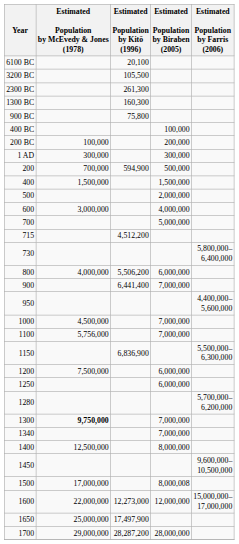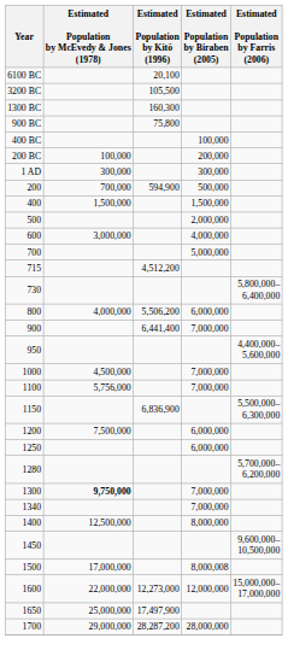 <table class="wikitable" style="text-align:right;font-size:small">
 <tr>
 <th>Year</th>
 <th>Estimated<br><br>Population<br> by McEvedy & Jones<br> (1978)</th>
 <th>Estimated<br><br>Population<br> by Kitō<br> (1996)</th>
 <th>Estimated<br><br>Population<br> by Biraben<br> (2005)</th>
 <th>Estimated<br><br>Population<br> by Farris<br> (2006)</th>
 </tr>
 <tr>
 <td>6100 BC</td>
 <td></td>
 <td>20,100</td>
 <td></td>
 <td></td>
 </tr>
 <tr>
 <td>3200 BC</td>
 <td></td>
 <td>105,500</td>
-<td></td>
-<td></td>
-</tr>
-<tr>
-<td>2300 BC</td>
-<td></td>
-<td>261,300</td>
 <td></td>
 <td></td>
 </tr>
 <tr>
 <td>1300 BC</td>
 <td></td>
 <td>160,300</td>
 <td></td>
 <td></td>
 </tr>
 <tr>
 <td>900 BC</td>
 <td></td>
 <td>75,800</td>
 <td></td>
 <td></td>
 </tr>
 <tr>
 <td>400 BC</td>
 <td></td>
 <td></td>
 <td>100,000</td>
 <td></td>
 </tr>
 <tr>
 <td>200 BC</td>
 <td>100,000</td>
 <td></td>
 <td>200,000</td>
 <td></td>
 </tr>
 <tr>
 <td>1 AD</td>
 <td>300,000</td>
 <td></td>
 <td>300,000</td>
 <td></td>
 </tr>
 <tr>
 <td>200</td>
 <td>700,000</td>
 <td>594,900</td>
 <td>500,000</td>
 <td></td>
 </tr>
 <tr>
 <td>400</td>
 <td>1,500,000</td>
 <td></td>
 <td>1,500,000</td>
 <td></td>
 </tr>
 <tr>
 <td>500</td>
 <td></td>
 <td></td>
 <td>2,000,000</td>
 <td></td>
 </tr>
 <tr>
 <td>600</td>
 <td>3,000,000</td>
 <td></td>
 <td>4,000,000</td>
 <td></td>
 </tr>
 <tr>
 <td>700</td>
 <td></td>
 <td></td>
 <td>5,000,000</td>
 <td></td>
 </tr>
 <tr>
 <td>715</td>
 <td></td>
 <td>4,512,200</td>
 <td></td>
 <td></td>
 </tr>
 <tr>
 <td>730</td>
 <td></td>
 <td></td>
 <td></td>
 <td>5,800,000–<br>6,400,000</td>
 </tr>
 <tr>
 <td>800</td>
 <td>4,000,000</td>
 <td>5,506,200</td>
 <td>6,000,000</td>
 <td></td>
 </tr>
 <tr>
 <td>900</td>
 <td></td>
 <td>6,441,400</td>
 <td>7,000,000</td>
 <td></td>
 </tr>
 <tr>
 <td>950</td>
 <td></td>
 <td></td>
 <td></td>
 <td>4,400,000–<br>5,600,000</td>
 </tr>
 <tr>
 <td>1000</td>
 <td>4,500,000</td>
 <td></td>
 <td>7,000,000</td>
 <td></td>
 </tr>
 <tr>
 <td>1100</td>
 <td>5,756,000</td>
 <td></td>
 <td>7,000,000</td>
 <td></td>
 </tr>
 <tr>
 <td>1150</td>
 <td></td>
 <td>6,836,900</td>
 <td></td>
 <td>5,500,000–<br>6,300,000</td>
 </tr>
 <tr>
 <td>1200</td>
 <td>7,500,000</td>
 <td></td>
 <td>6,000,000</td>
 <td></td>
 </tr>
 <tr>
 <td>1250</td>
 <td></td>
 <td></td>
 <td>6,000,000</td>
 <td></td>
 </tr>
 <tr>
 <td>1280</td>
 <td></td>
 <td></td>
 <td></td>
 <td>5,700,000–<br>6,200,000</td>
 </tr>
 <tr>
 <td>1300</td>
 <td><strong>9,750,000</strong></td>
 <td></td>
 <td>7,000,000</td>
 <td></td>
 </tr>
 <tr>
 <td>1340</td>
 <td></td>
 <td></td>
 <td>7,000,000</td>
 <td></td>
 </tr>
 <tr>
 <td>1400</td>
 <td>12,500,000</td>
 <td></td>
 <td>8,000,000</td>
 <td></td>
 </tr>
 <tr>
 <td>1450</td>
 <td></td>
 <td></td>
 <td></td>
 <td>9,600,000–<br>10,500,000</td>
 </tr>
 <tr>
 <td>1500</td>
 <td>17,000,000</td>
 <td></td>
 <td>8,000,008</td>
 <td></td>
 </tr>
 <tr>
 <td>1600</td>
 <td>22,000,000</td>
 <td>12,273,000</td>
 <td>12,000,000</td>
 <td>15,000,000–<br>17,000,000</td>
 </tr>
 <tr>
 <td>1650</td>
 <td>25,000,000</td>
 <td>17,497,900</td>
 <td></td>
 <td></td>
 </tr>
 <tr>
 <td>1700</td>
 <td>29,000,000</td>
 <td>28,287,200</td>
 <td>28,000,000</td>
 <td></td>
 </tr>
 <tr>
 </tr>
 </table>
